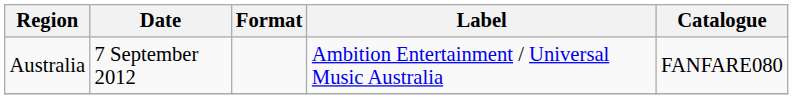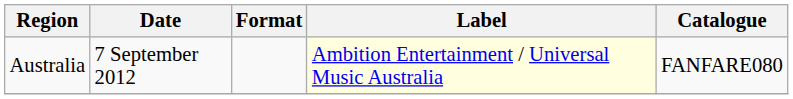 <table class="wikitable plainrowheaders">
 <tr>
 <th scope="col">Region</th>
 <th scope="col">Date</th>
 <th scope="col">Format</th>
 <th scope="col">Label</th>
 <th scope="col">Catalogue</th>
 </tr>
 <tr>
 <td>Australia</td>
 <td>7 September 2012</td>
 <td></td>
-<td><a href='#'>Ambition Entertainment</a> / <a href='#'>Universal Music Australia</a></td>
+<td style="background: lightyellow;"><a href='#'>Ambition Entertainment</a> / <a href='#'>Universal Music Australia</a></td>
 <td>FANFARE080</td>
 </tr>
 <tr>
 </tr>
 </table>
